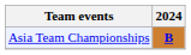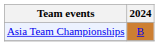 <table class="wikitable" style="font-size: 90%; text-align:center">
 <tr>
 <th>Team events</th>
 <th>2024</th>
 </tr>
 <tr>
 <td bgcolor="#ECF2FF"; align="left"><a href='#'>Asia Team Championships</a></td>
-<td bgcolor=CD7F32><strong><a href='#'>B</a></strong></td>
+<td bgcolor=CD7F32><a href='#'>B</a></td>
 </tr>
 <tr>
 </tr>
 </table>
